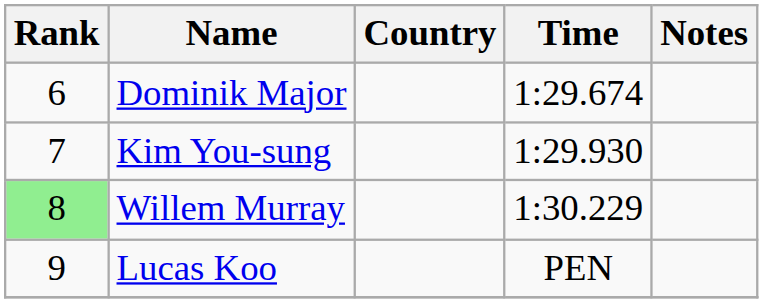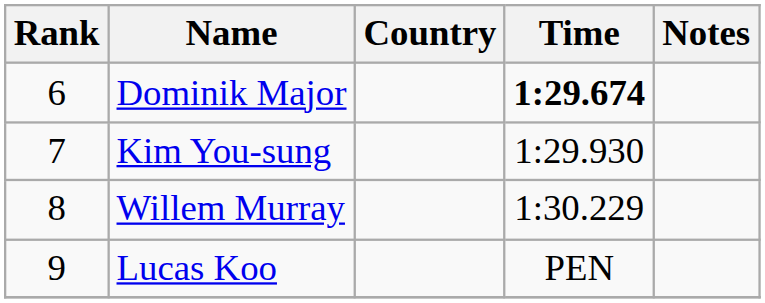 <table class="wikitable sortable" style="text-align:center">
 <tr>
 <th>Rank</th>
 <th>Name</th>
 <th>Country</th>
 <th>Time</th>
 <th>Notes</th>
 </tr>
 <tr>
 <td>6</td>
 <td align=left><a href='#'>Dominik Major</a></td>
 <td align=left></td>
-<td>1:29.674</td>
+<td><strong>1:29.674</strong></td>
 <td></td>
 </tr>
 <tr>
 <td>7</td>
 <td align=left><a href='#'>Kim You-sung</a></td>
 <td align=left></td>
 <td>1:29.930</td>
 <td></td>
 </tr>
 <tr>
-<td style="background: lightgreen;">8</td>
+<td>8</td>
 <td align=left><a href='#'>Willem Murray</a></td>
 <td align=left></td>
 <td>1:30.229</td>
 <td></td>
 </tr>
 <tr>
 <td>9</td>
 <td align=left><a href='#'>Lucas Koo</a></td>
 <td align=left></td>
 <td>PEN</td>
 <td></td>
 </tr>
 <tr>
 </tr>
 </table>
